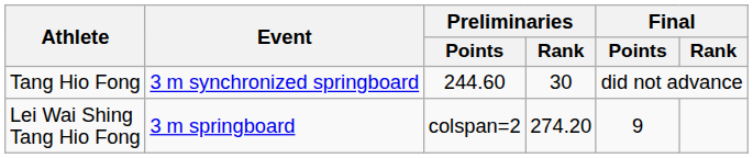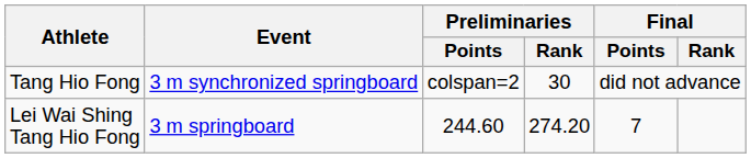 <table class=wikitable style=font-size:90%;text-align:center>
 <tr>
 <th rowspan="2">Athlete</th>
 <th rowspan="2">Event</th>
 <th colspan="2">Preliminaries</th>
 <th colspan="2">Final</th>
 </tr>
 <tr style="font-size:95%">
 <th>Points</th>
 <th>Rank</th>
 <th>Points</th>
 <th>Rank</th>
 </tr>
 <tr>
 <td align=left>Tang Hio Fong</td>
 <td align=left><a href='#'>3 m synchronized springboard</a></td>
-<td>244.60</td>
+<td>colspan=2 </td>
 <td>30</td>
 <td colspan=2>did not advance</td>
 </tr>
 <tr>
 <td align=left>Lei Wai Shing<br>Tang Hio Fong</td>
 <td align=left><a href='#'>3 m springboard</a></td>
-<td>colspan=2 </td>
+<td>244.60</td>
 <td>274.20</td>
-<td>9</td>
+<td>7</td>
 </tr>
 </table>
